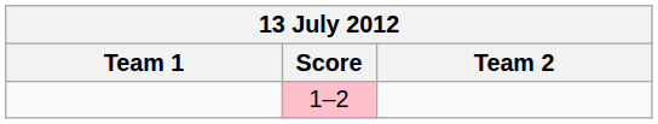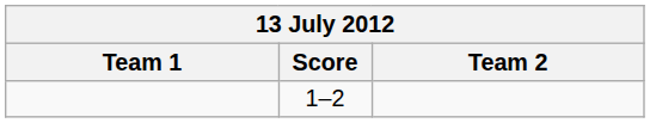 <table class="wikitable" style="text-align: center; font-size:90% ">
 <tr>
 <th colspan=3>13 July 2012</th>
 </tr>
 <tr>
 <th align="right" width="160">Team 1</th>
 <th width="50">Score</th>
 <th align="left" width="160">Team 2</th>
 </tr>
 <tr>
 <td align=right></td>
-<td align=center style="background: pink;">1–2</td>
+<td align=center>1–2</td>
 <td align=left><strong></strong></td>
 </tr>
 </table>
